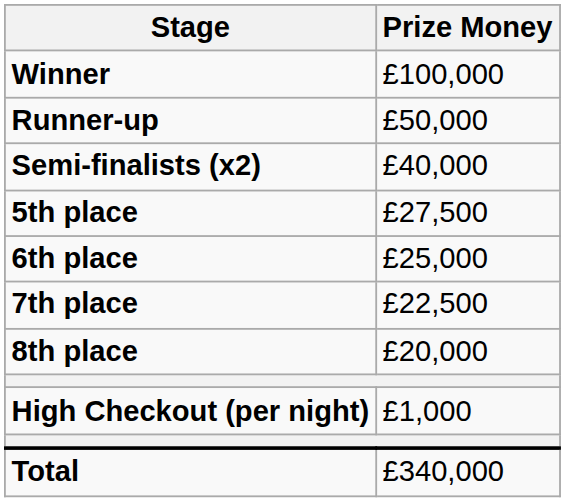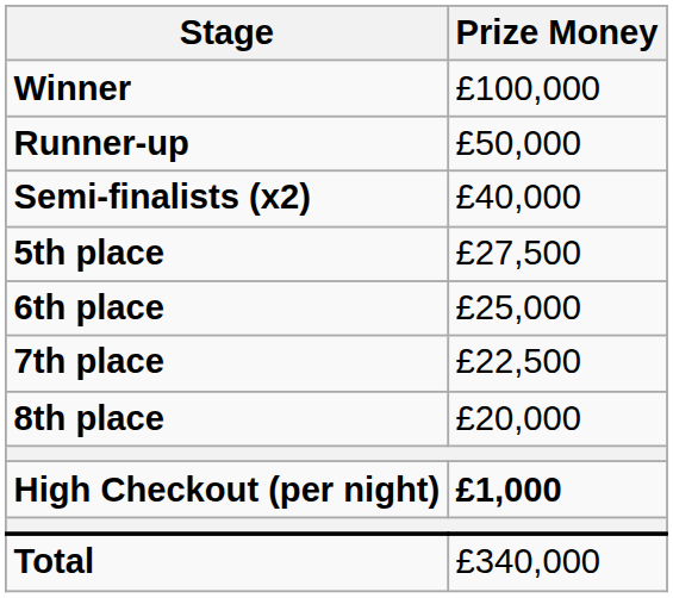 <table class="wikitable">
 <tr>
 <th>Stage</th>
 <th>Prize Money</th>
 </tr>
 <tr>
 <td><strong>Winner</strong></td>
 <td>£100,000</td>
 </tr>
 <tr>
 <td><strong>Runner-up</strong></td>
 <td>£50,000</td>
 </tr>
 <tr>
 <td><strong>Semi-finalists (x2)</strong></td>
 <td>£40,000</td>
 </tr>
 <tr>
 <td><strong>5th place</strong></td>
 <td>£27,500</td>
 </tr>
 <tr>
 <td><strong>6th place</strong></td>
 <td>£25,000</td>
 </tr>
 <tr>
 <td><strong>7th place</strong></td>
 <td>£22,500</td>
 </tr>
 <tr>
 <td><strong>8th place</strong></td>
 <td>£20,000</td>
 </tr>
 <tr>
 <th colspan=3></th>
 </tr>
 <tr>
 <td><strong>High Checkout (per night)</strong></td>
-<td>£1,000</td>
+<td><strong>£1,000</strong></td>
 </tr>
 <tr>
 <th colspan=3></th>
 </tr>
 <tr style="border-top:2px solid black;">
 <td><strong>Total</strong></td>
 <td>£340,000</td>
 </tr>
 </table>
